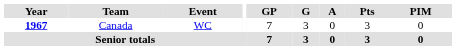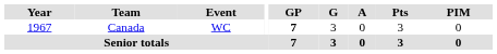 <table border="0" cellpadding="1" cellspacing="0" ID="Table3" style="text-align:center; width:40em">
 <tr bgcolor="#e0e0e0">
 <th>Year</th>
 <th>Team</th>
 <th>Event</th>
 <th rowspan="102" bgcolor="#ffffff"></th>
 <th>GP</th>
 <th>G</th>
 <th>A</th>
 <th>Pts</th>
 <th>PIM</th>
 </tr>
 <tr>
-<td><strong><a href='#'>1967</a></strong></td>
+<td><a href='#'>1967</a></td>
 <td><a href='#'>Canada</a></td>
 <td><a href='#'>WC</a></td>
-<td>7</td>
+<td><strong>7</strong></td>
 <td>3</td>
 <td>0</td>
 <td>3</td>
 <td>0</td>
 </tr>
 <tr bgcolor="#e0e0e0">
 <th colspan="4">Senior totals</th>
 <th>7</th>
 <th>3</th>
 <th>0</th>
 <th>3</th>
 <th>0</th>
 </tr>
 </table>
